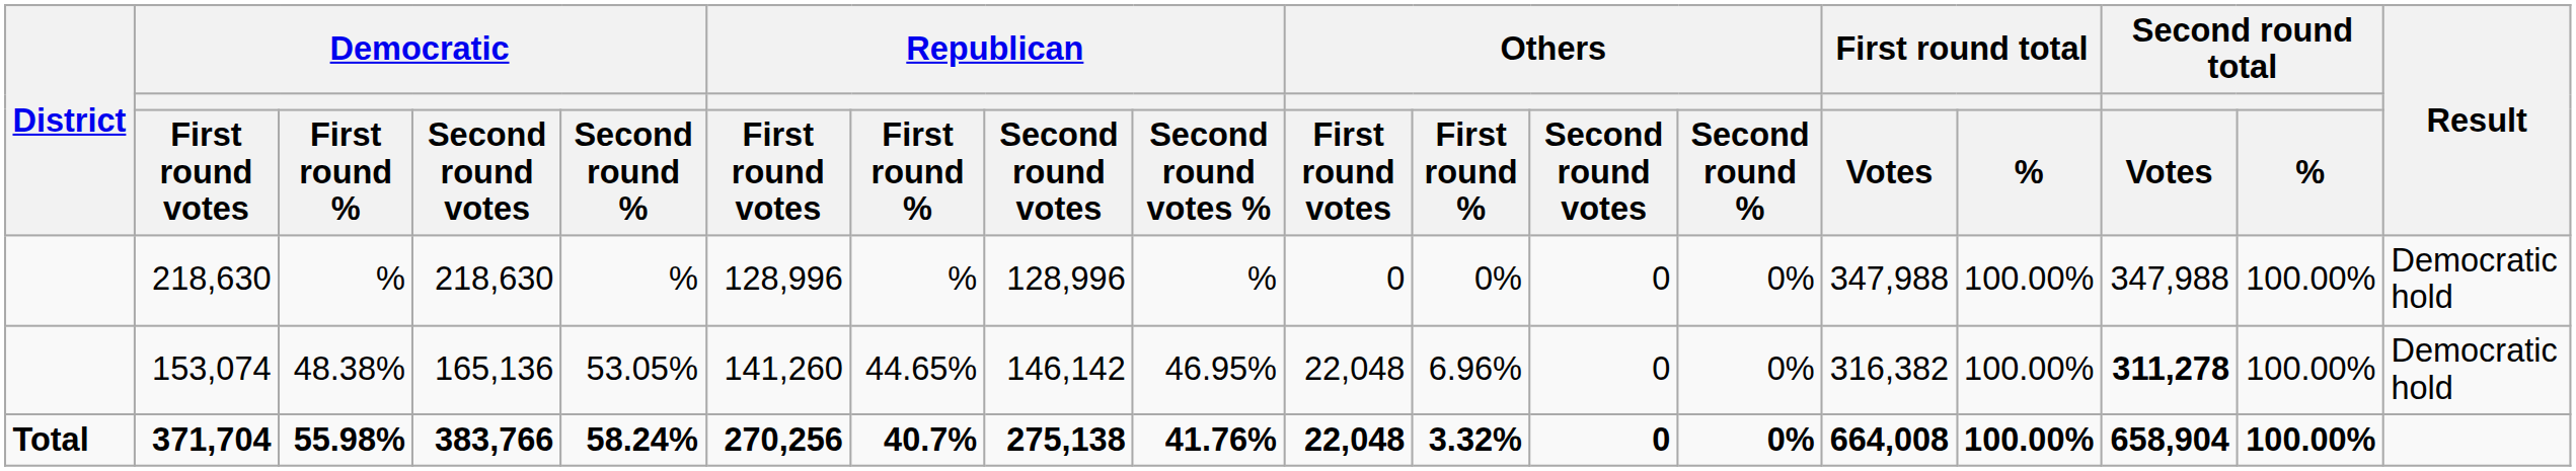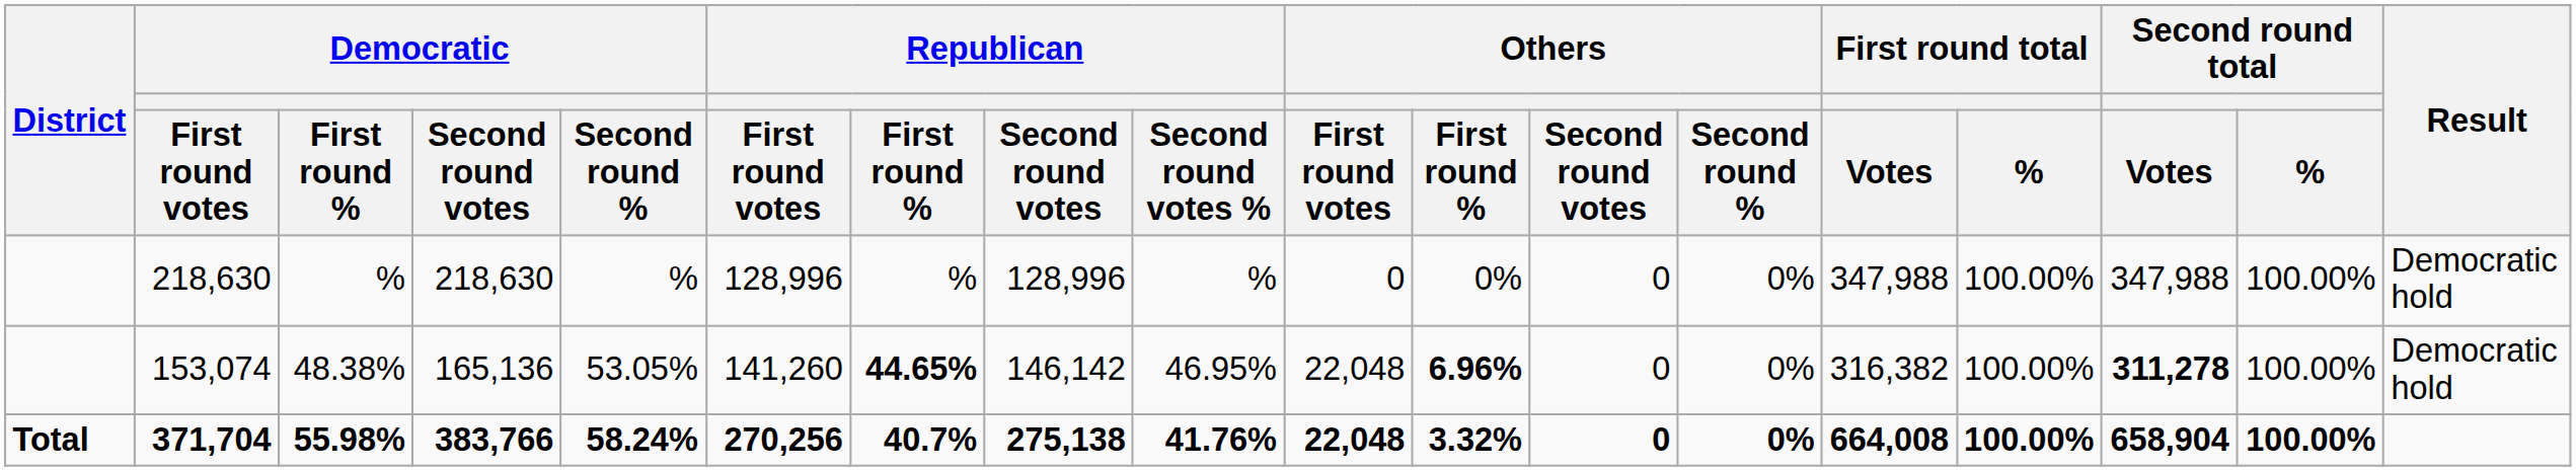 <table class="wikitable plainrowheaders sortable" style="font-size:100%; text-align:right;">
 <tr>
 <th scope=col rowspan=3><a href='#'>District</a></th>
 <th scope=col colspan=4><a href='#'>Democratic</a></th>
 <th scope=col colspan=4><a href='#'>Republican</a></th>
 <th scope=col colspan=4>Others</th>
 <th scope=col colspan=2>First round total</th>
 <th scope=col colspan=2>Second round total</th>
 <th scope=col rowspan=3>Result</th>
 </tr>
 <tr>
 <th scope=col colspan=4 style="background:"></th>
 <th scope=col colspan=4 style="background:"></th>
 <th scope=col colspan=4 style="background:"></th>
 <th scope=col colspan=2 style="background:"></th>
 <th scope=col colspan=2 style="background:"></th>
 </tr>
 <tr>
 <th scope=col data-sort-type="number">First round votes</th>
 <th scope=col data-sort-type="number">First round %</th>
 <th scope=col data-sort-type="number">Second round votes</th>
 <th scope=col data-sort-type="number">Second round %</th>
 <th scope=col data-sort-type="number">First round votes</th>
 <th scope=col data-sort-type="number">First round %</th>
 <th scope=col data-sort-type="number">Second round votes</th>
 <th scope=col data-sort-type="number">Second round votes %</th>
 <th scope=col data-sort-type="number">First round votes</th>
 <th scope=col data-sort-type="number">First round %</th>
 <th scope=col data-sort-type="number">Second round votes</th>
 <th scope=col data-sort-type="number">Second round %</th>
 <th scope=col data-sort-type="number">Votes</th>
 <th ! scope=col data-sort-type="number">%</th>
 <th scope=col data-sort-type="number">Votes</th>
 <th scope=col data-sort-type="number">%</th>
 </tr>
 <tr>
 <td align=left></td>
 <td>218,630</td>
 <td>%</td>
 <td>218,630</td>
 <td>%</td>
 <td>128,996</td>
 <td>%</td>
 <td>128,996</td>
 <td>%</td>
 <td>0</td>
 <td>0%</td>
 <td>0</td>
 <td>0%</td>
 <td>347,988</td>
 <td>100.00%</td>
 <td>347,988</td>
 <td>100.00%</td>
 <td align=left>Democratic hold</td>
 </tr>
 <tr>
 <td align=left></td>
 <td>153,074</td>
 <td>48.38%</td>
 <td>165,136</td>
 <td>53.05%</td>
 <td>141,260</td>
-<td>44.65%</td>
+<td><strong>44.65%</strong></td>
 <td>146,142</td>
 <td>46.95%</td>
 <td>22,048</td>
-<td>6.96%</td>
+<td><strong>6.96%</strong></td>
 <td>0</td>
 <td>0%</td>
 <td>316,382</td>
 <td>100.00%</td>
 <td><strong>311,278</strong></td>
 <td>100.00%</td>
 <td align=left>Democratic hold</td>
 </tr>
 <tr class="sortbottom" style="font-weight:bold">
 <td align=left>Total</td>
 <td>371,704</td>
 <td>55.98%</td>
 <td>383,766</td>
 <td>58.24%</td>
 <td>270,256</td>
 <td>40.7%</td>
 <td>275,138</td>
 <td>41.76%</td>
 <td>22,048</td>
 <td>3.32%</td>
 <td>0</td>
 <td>0%</td>
 <td>664,008</td>
 <td>100.00%</td>
 <td>658,904</td>
 <td>100.00%</td>
 <td></td>
 </tr>
 </table>
